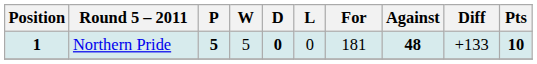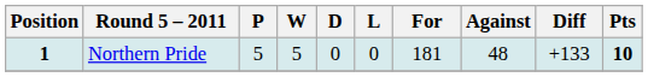 <table class="wikitable" style="text-align:center; font-size:85%;">
 <tr>
 <th width=40 abbr="Position">Position</th>
 <th width=100>Round 5 – 2011</th>
 <th width=20 abbr="Played">P</th>
 <th width=20 abbr="Won">W</th>
 <th width=20 abbr="Drawn">D</th>
 <th width=20 abbr="Lost">L</th>
 <th width=40 abbr="Points for">For</th>
 <th width=40 abbr="Points against">Against</th>
 <th width=40 abbr="Points difference">Diff</th>
 <th width=20 abbr="Points">Pts</th>
 </tr>
 <tr style="background: #d7ebed;">
 <td><strong>1</strong></td>
 <td style="text-align:left;"> <a href='#'>Northern Pride</a></td>
-<td><strong>5</strong></td>
 <td>5</td>
-<td><strong>0</strong></td>
+<td>5</td>
+<td>0</td>
 <td>0</td>
 <td>181</td>
-<td><strong>48</strong></td>
+<td>48</td>
 <td>+133</td>
 <td><strong>10</strong></td>
 </tr>
 <tr>
 </tr>
 </table>
